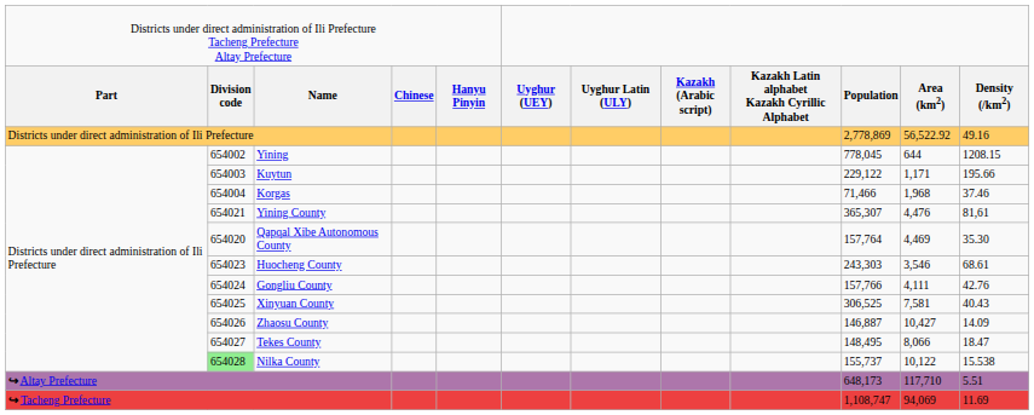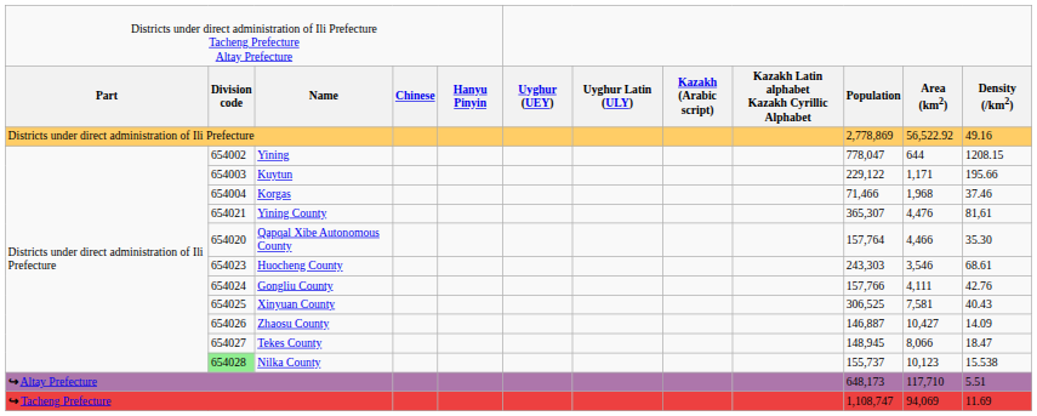 <table class="wikitable"  style="font-size:90%; margin:auto;">
 <tr>
 <td colspan="5" style="text-align:center;"><br> Districts under direct administration of Ili Prefecture<br> <a href='#'>Tacheng Prefecture</a><br> <a href='#'>Altay Prefecture</a></td>
 <td colspan="7" style="text-align:center;"><br><div>              </div></td>
 </tr>
 <tr>
 <th>Part</th>
 <th>Division<br>code</th>
 <th>Name</th>
 <th><a href='#'>Chinese</a></th>
 <th><a href='#'>Hanyu Pinyin</a></th>
 <th><a href='#'>Uyghur</a> (<a href='#'>UEY</a>)</th>
 <th>Uyghur Latin (<a href='#'>ULY</a>)</th>
 <th><a href='#'>Kazakh</a><br>(Arabic script)</th>
 <th>Kazakh Latin alphabet<br>Kazakh Cyrillic Alphabet</th>
 <th>Population<br></th>
 <th>Area (km<sup>2</sup>)</th>
 <th>Density (/km<sup>2</sup>)</th>
 </tr>
 <tr bgcolor=#FFCD66>
 <td colspan="3">Districts under direct administration of Ili Prefecture</td>
 <td></td>
 <td></td>
 <td></td>
 <td></td>
 <td></td>
 <td><br></td>
 <td>2,778,869</td>
 <td>56,522.92</td>
 <td>49.16</td>
 </tr>
 <tr>
 <td rowspan="11">Districts under direct administration of Ili Prefecture</td>
 <td>654002</td>
 <td><a href='#'>Yining</a></td>
 <td></td>
 <td></td>
 <td></td>
 <td></td>
 <td></td>
 <td><br></td>
-<td>778,045</td>
+<td>778,047</td>
 <td>644</td>
 <td>1208.15</td>
 </tr>
 <tr>
 <td>654003</td>
 <td><a href='#'>Kuytun</a></td>
 <td></td>
 <td></td>
 <td></td>
 <td></td>
 <td></td>
 <td><br></td>
 <td>229,122</td>
 <td>1,171</td>
 <td>195.66</td>
 </tr>
 <tr>
 <td>654004</td>
 <td><a href='#'>Korgas</a></td>
 <td></td>
 <td></td>
 <td></td>
 <td></td>
 <td></td>
 <td><br></td>
 <td>71,466</td>
 <td>1,968</td>
 <td>37.46</td>
 </tr>
 <tr>
 <td>654021</td>
 <td><a href='#'>Yining County</a></td>
 <td></td>
 <td></td>
 <td></td>
 <td></td>
 <td></td>
 <td><br></td>
 <td>365,307</td>
 <td>4,476</td>
 <td>81,61</td>
 </tr>
 <tr>
 <td>654020</td>
 <td><a href='#'>Qapqal Xibe Autonomous County</a></td>
 <td></td>
 <td></td>
 <td></td>
 <td></td>
 <td></td>
 <td><br></td>
 <td>157,764</td>
-<td>4,469</td>
+<td>4,466</td>
 <td>35.30</td>
 </tr>
 <tr>
 <td>654023</td>
 <td><a href='#'>Huocheng County</a></td>
 <td></td>
 <td></td>
 <td></td>
 <td></td>
 <td></td>
 <td><br></td>
 <td>243,303</td>
 <td>3,546</td>
 <td>68.61</td>
 </tr>
 <tr>
 <td>654024</td>
 <td><a href='#'>Gongliu County</a></td>
 <td></td>
 <td></td>
 <td></td>
 <td></td>
 <td></td>
 <td><br></td>
 <td>157,766</td>
 <td>4,111</td>
 <td>42.76</td>
 </tr>
 <tr>
 <td>654025</td>
 <td><a href='#'>Xinyuan County</a></td>
 <td></td>
 <td></td>
 <td></td>
 <td></td>
 <td></td>
 <td><br></td>
 <td>306,525</td>
 <td>7,581</td>
 <td>40.43</td>
 </tr>
 <tr>
 <td>654026</td>
 <td><a href='#'>Zhaosu County</a></td>
 <td></td>
 <td></td>
 <td></td>
 <td></td>
 <td></td>
 <td><br></td>
 <td>146,887</td>
 <td>10,427</td>
 <td>14.09</td>
 </tr>
 <tr>
 <td>654027</td>
 <td><a href='#'>Tekes County</a></td>
 <td></td>
 <td></td>
 <td></td>
 <td></td>
 <td></td>
 <td><br></td>
-<td>148,495</td>
+<td>148,945</td>
 <td>8,066</td>
 <td>18.47</td>
 </tr>
 <tr>
 <td style="background: lightgreen;">654028</td>
 <td><a href='#'>Nilka County</a></td>
 <td></td>
 <td></td>
 <td></td>
 <td></td>
 <td></td>
 <td><br></td>
 <td>155,737</td>
-<td>10,122</td>
+<td>10,123</td>
 <td>15.538</td>
 </tr>
 <tr bgcolor=#AD76AB>
 <td colspan="3"><strong>↪</strong> <a href='#'>Altay Prefecture</a></td>
 <td></td>
 <td></td>
 <td></td>
 <td></td>
 <td></td>
 <td><br></td>
 <td>648,173</td>
 <td>117,710</td>
 <td>5.51</td>
 </tr>
 <tr bgcolor=#ED4040>
 <td colspan="3"><strong>↪</strong> <a href='#'>Tacheng Prefecture</a></td>
 <td></td>
 <td></td>
 <td></td>
 <td></td>
 <td></td>
 <td><br></td>
 <td>1,108,747</td>
 <td>94,069</td>
 <td>11.69</td>
 </tr>
 </table>
